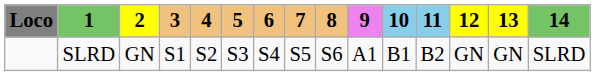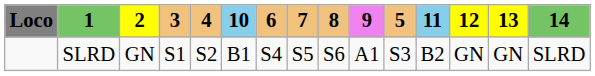 <table class="wikitable plainrowheaders unsortable" style="text-align:center">
 <tr>
 <th scope="col" style="background:grey;">Loco</th>
 <th scope="col" style="background:#74C365;">1</th>
 <th scope="col" style="background:yellow;">2</th>
 <th scope="col" style="background:#F1C27D;">3</th>
 <th scope="col" style="background:#F1C27D;">4</th>
-<th scope="col" style="background:#F1C27D;">5</th>
+<th scope="col" style="background:skyblue;">10</th>
 <th scope="col" style="background:#F1C27D;">6</th>
 <th scope="col" style="background:#F1C27D;">7</th>
 <th scope="col" style="background:#F1C27D;">8</th>
 <th scope="col" style="background:violet;">9</th>
-<th scope="col" style="background:skyblue;">10</th>
+<th scope="col" style="background:#F1C27D;">5</th>
 <th scope="col" style="background:skyblue;">11</th>
 <th scope="col" style="background:yellow;">12</th>
 <th scope="col" style="background:yellow;">13</th>
 <th scope="col" style="background:#74C365;">14</th>
 </tr>
 <tr>
 <td></td>
 <td>SLRD</td>
 <td>GN</td>
 <td>S1</td>
 <td>S2</td>
-<td>S3</td>
+<td>B1</td>
 <td>S4</td>
 <td>S5</td>
 <td>S6</td>
 <td>A1</td>
-<td>B1</td>
+<td>S3</td>
 <td>B2</td>
 <td>GN</td>
 <td>GN</td>
 <td>SLRD</td>
 </tr>
 </table>
